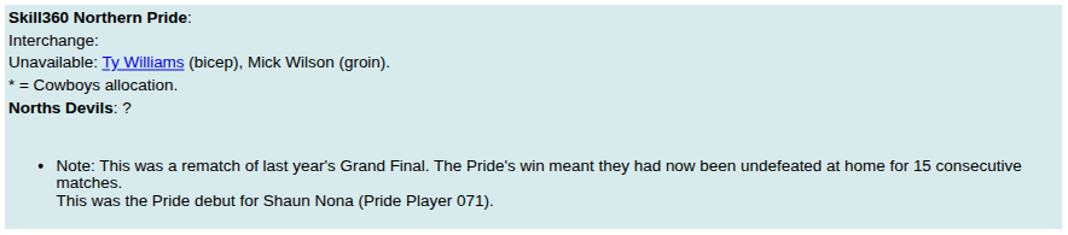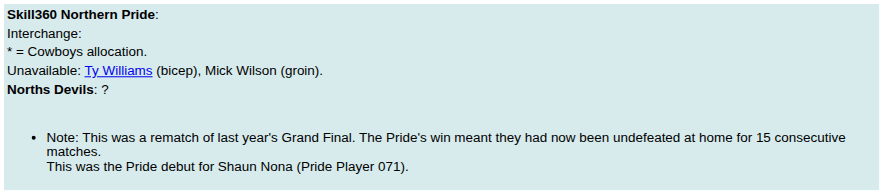 <table style="background:#d7ebed; font-size:85%; width:100%;">
 <tr>
 <td><strong>Skill360 Northern Pride</strong>:             </td>
 </tr>
 <tr>
 <td>Interchange:    </td>
 </tr>
 <tr>
-<td>Unavailable: <a href='#'>Ty Williams</a> (bicep), Mick Wilson (groin).</td>
+<td>* = Cowboys allocation.</td>
 </tr>
 <tr>
-<td>* = Cowboys allocation.</td>
+<td>Unavailable: <a href='#'>Ty Williams</a> (bicep), Mick Wilson (groin).</td>
 </tr>
 <tr>
 <td><strong>Norths Devils</strong>: ?</td>
 </tr>
 <tr>
 <td><br><ul><li>Note: This was a rematch of last year's Grand Final. The Pride's win meant they had now been undefeated at home for 15 consecutive matches.<br>This was the Pride debut for Shaun Nona (Pride Player 071).</li></ul></td>
 </tr>
 </table>
